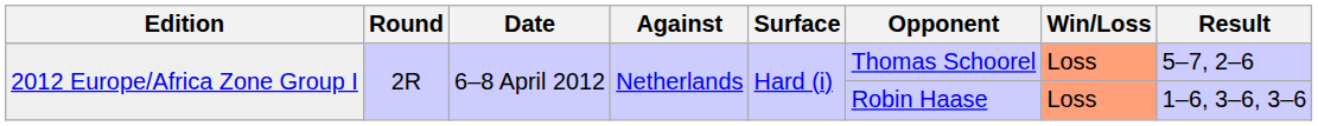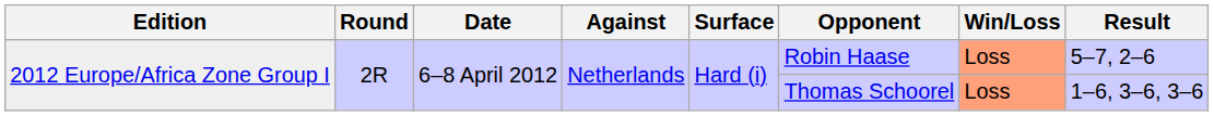 <table class=wikitable style=font-size:97%>
 <tr>
 <th>Edition</th>
 <th>Round</th>
 <th>Date</th>
 <th>Against</th>
 <th>Surface</th>
 <th>Opponent</th>
 <th>Win/Loss</th>
 <th>Result</th>
 </tr>
 <tr bgcolor=#CCCCFF>
 <td rowspan=2 bgcolor=#efefef><a href='#'>2012 Europe/Africa Zone Group I</a></td>
 <td rowspan=2 style="text-align:center;">2R</td>
 <td rowspan=2>6–8 April 2012</td>
 <td rowspan=2> <a href='#'>Netherlands</a></td>
 <td rowspan=2><a href='#'>Hard (i)</a></td>
-<td> <a href='#'>Thomas Schoorel</a></td>
+<td> <a href='#'>Robin Haase</a></td>
 <td bgcolor=FFA07A>Loss</td>
 <td>5–7, 2–6</td>
 </tr>
 <tr bgcolor=#CCCCFF>
-<td> <a href='#'>Robin Haase</a></td>
+<td> <a href='#'>Thomas Schoorel</a></td>
 <td bgcolor=FFA07A>Loss</td>
 <td>1–6, 3–6, 3–6</td>
 </tr>
 </table>
